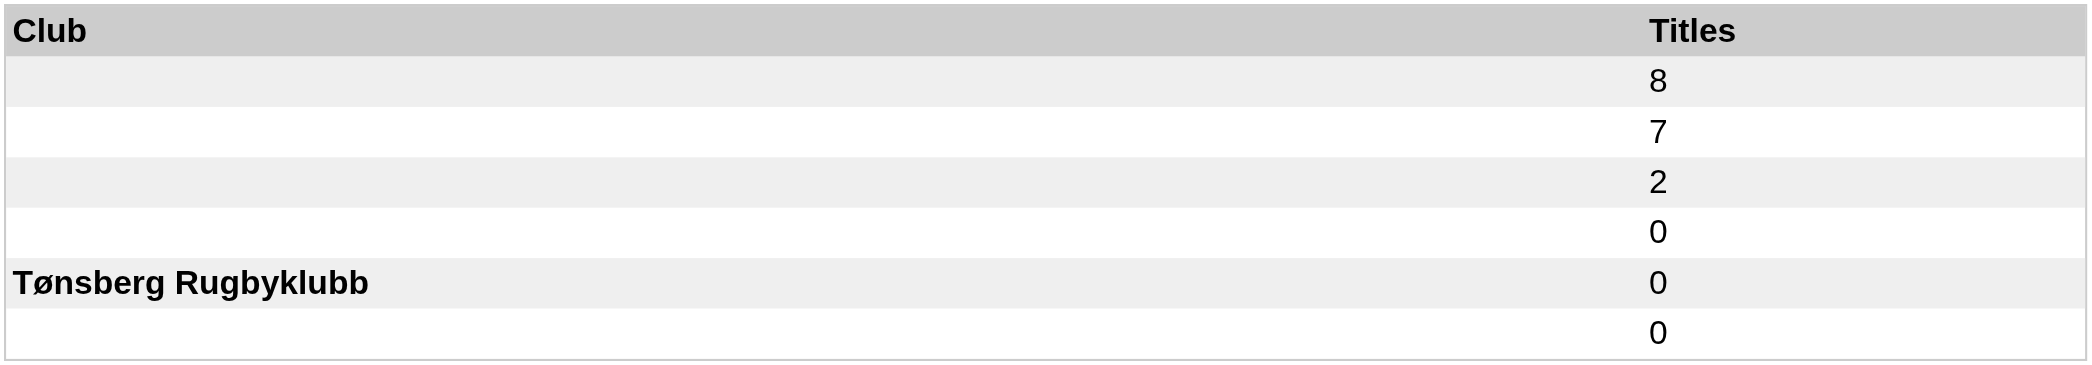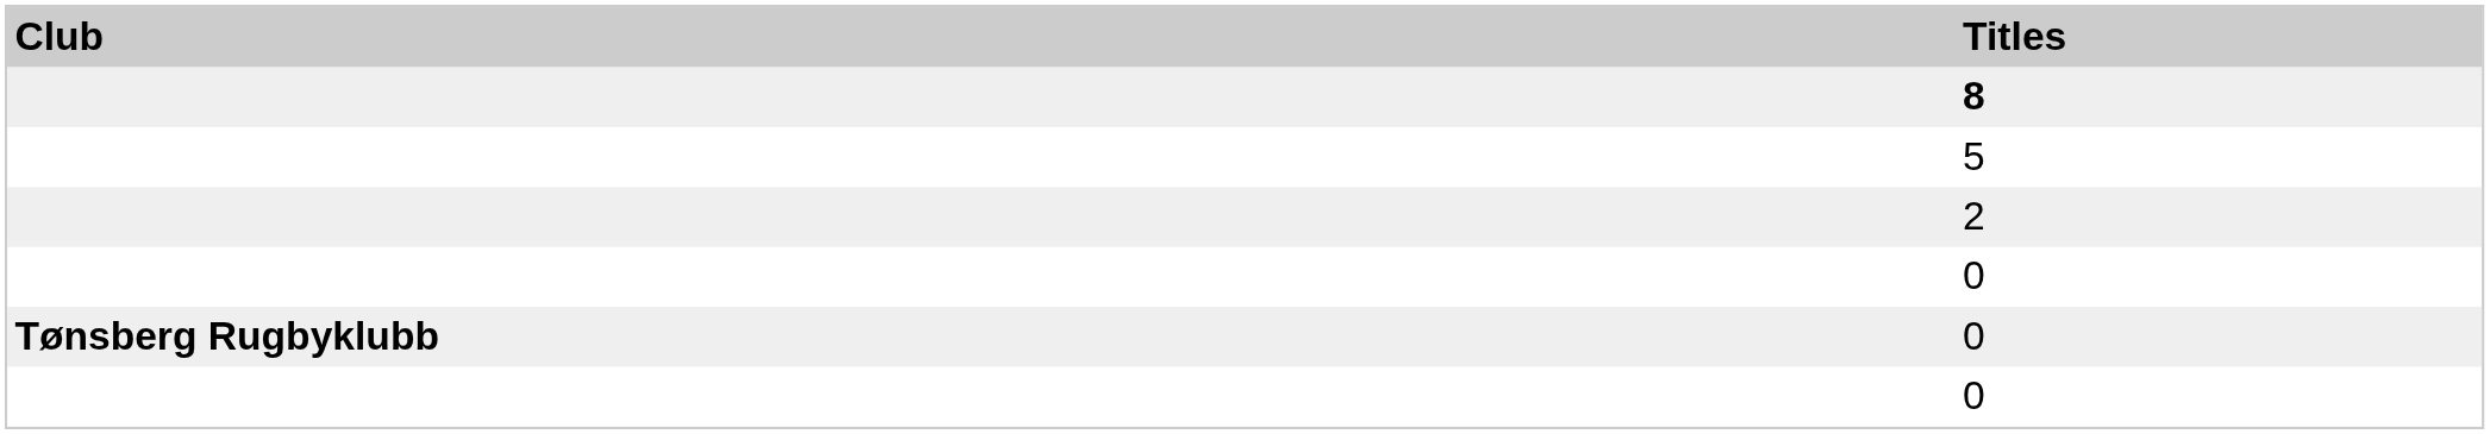 <table border="0" width="50%" align="left" cellspacing="0" cellpadding="3" style="border:1px solid #CCCCCC">
 <tr bgcolor="#E4E4E4">
 <td style="background:#CCCCCC;color:#000000"><strong>Club</strong></td>
 <td style="background:#CCCCCC;color:#000000"><strong>Titles</strong></td>
 </tr>
 <tr>
 </tr>
 <tr bgcolor="#efefef">
 <td align=left></td>
-<td>8</td>
+<td><strong>8</strong></td>
 </tr>
 <tr>
 </tr>
 <tr>
 <td align=left></td>
-<td>7</td>
+<td>5</td>
 </tr>
 <tr>
 </tr>
 <tr bgcolor="#efefef">
 <td align=left></td>
 <td>2</td>
 </tr>
 <tr>
 </tr>
 <tr>
 <td align=left></td>
 <td>0</td>
 </tr>
 <tr>
 </tr>
 <tr bgcolor="#efefef">
 <td align=left><strong>Tønsberg Rugbyklubb</strong></td>
 <td>0</td>
 </tr>
 <tr>
 <td align=left></td>
 <td>0</td>
 </tr>
 <tr>
 </tr>
 </table>
